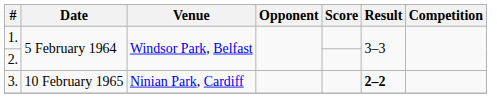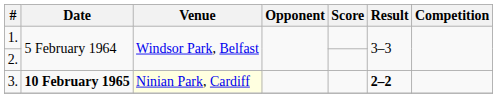 <table class="wikitable">
 <tr>
 <th>#</th>
 <th>Date</th>
 <th>Venue</th>
 <th>Opponent</th>
 <th>Score</th>
 <th>Result</th>
 <th>Competition</th>
 </tr>
 <tr>
 <td>1.</td>
 <td rowspan=2>5 February 1964</td>
 <td rowspan=2><a href='#'>Windsor Park</a>, <a href='#'>Belfast</a></td>
 <td rowspan=2></td>
 <td></td>
 <td rowspan=2>3–3</td>
 <td rowspan=2></td>
 </tr>
 <tr>
 <td>2.</td>
 <td></td>
 </tr>
 <tr>
 <td>3.</td>
-<td>10 February 1965</td>
-<td><a href='#'>Ninian Park</a>, <a href='#'>Cardiff</a></td>
+<td><strong>10 February 1965</strong></td>
+<td style="background: lightyellow;"><a href='#'>Ninian Park</a>, <a href='#'>Cardiff</a></td>
 <td></td>
 <td></td>
 <td><strong>2–2</strong></td>
 <td></td>
 </tr>
 <tr>
 </tr>
 </table>
